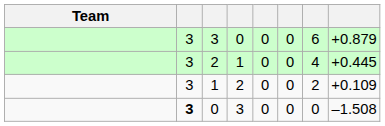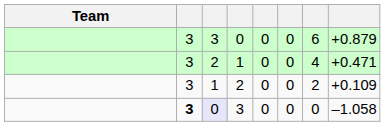 <table class="wikitable" style="text-align:center">
 <tr>
 <th width=180>Team</th>
 <th width=20></th>
 <th width=20></th>
 <th width=20></th>
 <th width=20></th>
 <th width=20></th>
 <th width=20></th>
 <th width=45></th>
 </tr>
 <tr style="background:#cfc">
 <td align="left"></td>
 <td>3</td>
 <td>3</td>
 <td>0</td>
 <td>0</td>
 <td>0</td>
 <td>6</td>
 <td>+0.879</td>
 </tr>
 <tr style="background:#cfc">
 <td align="left"></td>
 <td>3</td>
 <td>2</td>
 <td>1</td>
 <td>0</td>
 <td>0</td>
 <td>4</td>
-<td>+0.445</td>
+<td>+0.471</td>
 </tr>
 <tr>
 <td align="left"></td>
 <td>3</td>
 <td>1</td>
 <td>2</td>
 <td>0</td>
 <td>0</td>
 <td>2</td>
 <td>+0.109</td>
 </tr>
 <tr>
 <td align="left"></td>
 <td><strong>3</strong></td>
-<td>0</td>
+<td style="background: lavender;">0</td>
 <td>3</td>
 <td>0</td>
 <td>0</td>
 <td>0</td>
-<td>–1.508</td>
+<td>–1.058</td>
 </tr>
 </table>
